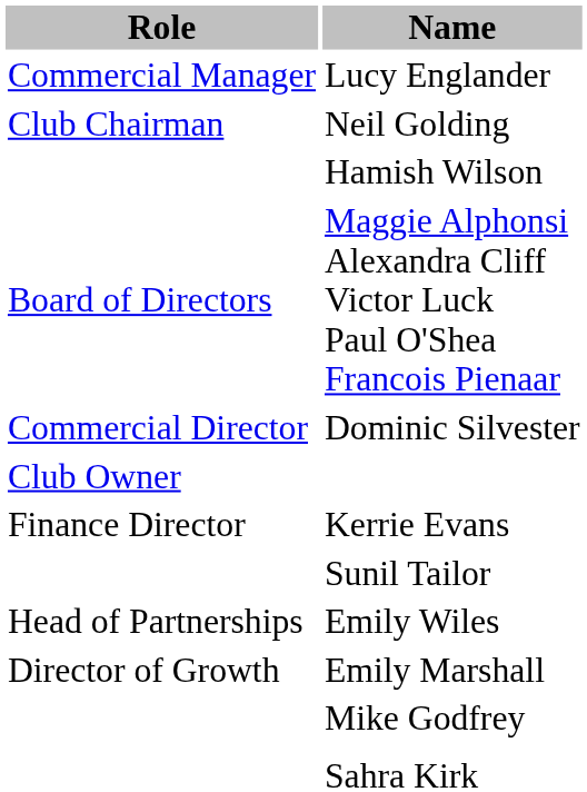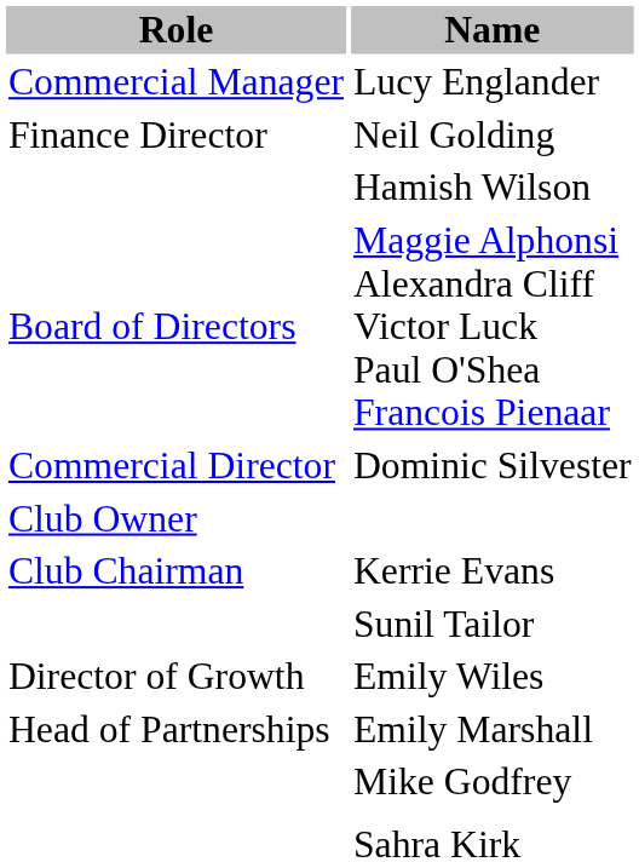 <table class="toccolours">
 <tr>
 <th style="background:silver;" align=center>Role</th>
 <th style="background:silver;" align=center>Name</th>
 </tr>
 <tr>
 <td><a href='#'>Commercial Manager</a></td>
 <td> Lucy Englander</td>
 </tr>
 <tr>
-<td><a href='#'>Club Chairman</a></td>
+<td>Finance Director</td>
 <td> Neil Golding</td>
 </tr>
 <tr>
 <td></td>
 <td> Hamish Wilson</td>
 </tr>
 <tr>
 <td><a href='#'>Board of Directors</a></td>
 <td> <a href='#'>Maggie Alphonsi</a><br> Alexandra Cliff<br> Victor Luck<br> Paul O'Shea<br> <a href='#'>Francois Pienaar</a></td>
 </tr>
 <tr>
 <td><a href='#'>Commercial Director</a></td>
 <td> Dominic Silvester</td>
 </tr>
 <tr>
 <td><a href='#'>Club Owner</a></td>
 <td></td>
 </tr>
 <tr>
-<td>Finance Director</td>
+<td><a href='#'>Club Chairman</a></td>
 <td> Kerrie Evans</td>
 </tr>
 <tr>
 <td></td>
 <td> Sunil Tailor</td>
 </tr>
 <tr>
-<td>Head of Partnerships</td>
+<td>Director of Growth</td>
 <td> Emily Wiles</td>
 </tr>
 <tr>
-<td>Director of Growth</td>
+<td>Head of Partnerships</td>
 <td> Emily Marshall</td>
 </tr>
 <tr>
 <td></td>
 <td> Mike Godfrey</td>
 </tr>
 <tr>
 <td></td>
 <td></td>
 </tr>
 <tr>
 <td></td>
 <td> Sahra Kirk</td>
 </tr>
 <tr>
 </tr>
 </table>
